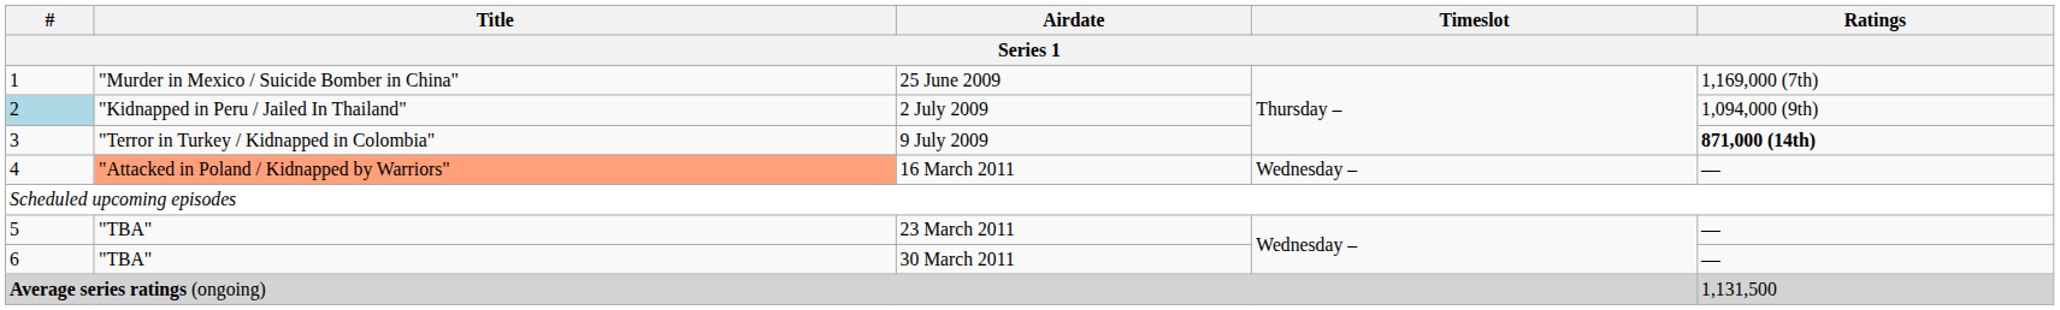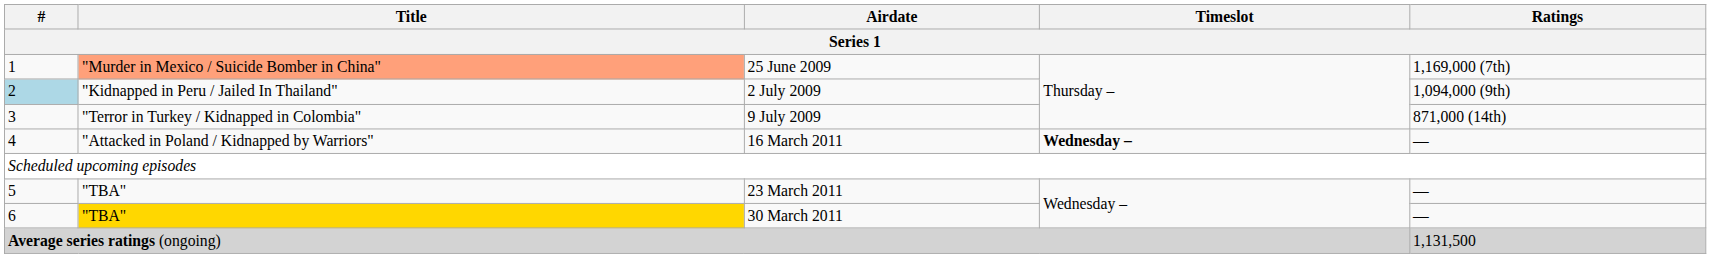 <table class="wikitable">
 <tr>
 <th width=2%>#</th>
 <th width=18%>Title</th>
 <th width=8%>Airdate</th>
 <th width=10%>Timeslot</th>
 <th width=8%>Ratings</th>
 </tr>
 <tr>
 <th colspan=5>Series 1 </th>
 </tr>
 <tr>
 <td>1</td>
-<td align=left>"Murder in Mexico / Suicide Bomber in China"</td>
+<td align=left style="background: lightsalmon;">"Murder in Mexico / Suicide Bomber in China"</td>
 <td>25 June 2009</td>
 <td rowspan=3>Thursday  – </td>
 <td>1,169,000 (7th)</td>
 </tr>
 <tr>
 <td style="background: lightblue;">2</td>
 <td align=left>"Kidnapped in Peru / Jailed In Thailand"</td>
 <td>2 July 2009</td>
 <td>1,094,000 (9th)</td>
 </tr>
 <tr>
 <td>3</td>
 <td align=left>"Terror in Turkey / Kidnapped in Colombia"</td>
 <td>9 July 2009</td>
-<td><strong>871,000 (14th)</strong></td>
+<td>871,000 (14th)</td>
 </tr>
 <tr>
 <td>4</td>
-<td align=left style="background: lightsalmon;">"Attacked in Poland / Kidnapped by Warriors"</td>
+<td align=left>"Attacked in Poland / Kidnapped by Warriors"</td>
 <td>16 March 2011</td>
-<td>Wednesday  – </td>
+<td><strong>Wednesday  – </strong></td>
 <td>—</td>
 </tr>
 <tr bgcolor="white">
 <td colspan=5><em>Scheduled upcoming episodes</em></td>
 </tr>
 <tr>
 <td>5</td>
 <td align=left>"TBA"</td>
 <td>23 March 2011</td>
 <td rowspan=2>Wednesday  – </td>
 <td>—</td>
 </tr>
 <tr>
 <td>6</td>
-<td align=left>"TBA"</td>
+<td align=left style="background: gold;">"TBA"</td>
 <td>30 March 2011</td>
 <td>—</td>
 </tr>
 <tr bgcolor="#D3D3D3">
 <td colspan=4><strong>Average series ratings</strong> (ongoing)</td>
 <td>1,131,500</td>
 </tr>
 </table>
